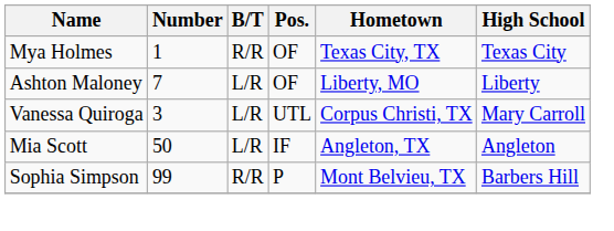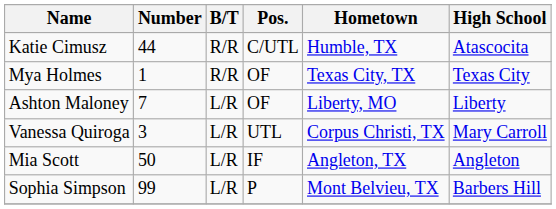 <table class="wikitable sortable collapsible">
 <tr>
 </tr>
 <tr>
 <th style="text-align:center; ">Name</th>
 <th style="text-align:center; ">Number</th>
 <th style="text-align:center; ">B/T</th>
 <th style="text-align:center; ">Pos.</th>
 <th style="text-align:center; ">Hometown</th>
 <th style="text-align:center; ">High School</th>
+</tr>
+<tr>
+<td>Katie Cimusz</td>
+<td>44</td>
+<td>R/R</td>
+<td>C/UTL</td>
+<td><a href='#'>Humble, TX</a></td>
+<td><a href='#'>Atascocita</a></td>
 </tr>
 <tr>
 <td>Mya Holmes</td>
 <td>1</td>
 <td>R/R</td>
 <td>OF</td>
 <td><a href='#'>Texas City, TX</a></td>
 <td><a href='#'>Texas City</a></td>
 </tr>
 <tr>
 <td>Ashton Maloney</td>
 <td>7</td>
 <td>L/R</td>
 <td>OF</td>
 <td><a href='#'>Liberty, MO</a></td>
 <td><a href='#'>Liberty</a></td>
 </tr>
 <tr>
 <td>Vanessa Quiroga</td>
 <td>3</td>
 <td>L/R</td>
 <td>UTL</td>
 <td><a href='#'>Corpus Christi, TX</a></td>
 <td><a href='#'>Mary Carroll</a></td>
 </tr>
 <tr>
 <td>Mia Scott</td>
 <td>50</td>
 <td>L/R</td>
 <td>IF</td>
 <td><a href='#'>Angleton, TX</a></td>
 <td><a href='#'>Angleton</a></td>
 </tr>
 <tr>
 <td>Sophia Simpson</td>
 <td>99</td>
-<td>R/R</td>
+<td>L/R</td>
 <td>P</td>
 <td><a href='#'>Mont Belvieu, TX</a></td>
 <td><a href='#'>Barbers Hill</a></td>
 </tr>
 <tr>
 </tr>
 </table>
